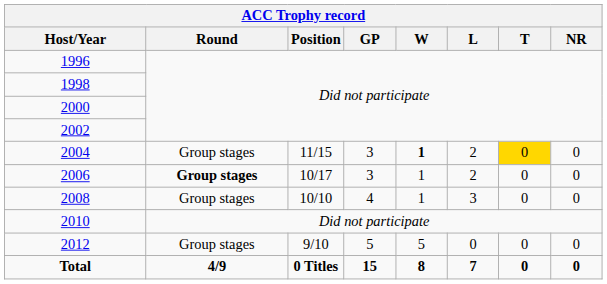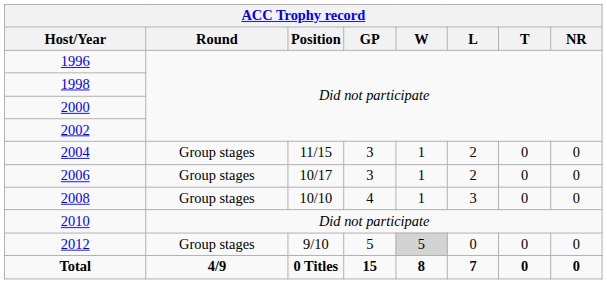 <table class="wikitable" style="text-align: center;">
 <tr>
 <th colspan=8><a href='#'>ACC Trophy record</a></th>
 </tr>
 <tr>
 <th width=150>Host/Year</th>
 <th width=150>Round</th>
 <th width=50>Position</th>
 <th width=50>GP</th>
 <th width=50>W</th>
 <th width=50>L</th>
 <th width=50>T</th>
 <th width=50>NR</th>
 </tr>
 <tr>
 <td> <a href='#'>1996</a></td>
 <td colspan="7" rowspan="4"><em>Did not participate</em></td>
 </tr>
 <tr>
 <td> <a href='#'>1998</a></td>
 </tr>
 <tr>
 <td> <a href='#'>2000</a></td>
 </tr>
 <tr>
 <td> <a href='#'>2002</a></td>
 </tr>
 <tr>
 <td> <a href='#'>2004</a></td>
 <td>Group stages</td>
 <td>11/15</td>
 <td>3</td>
-<td><strong>1</strong></td>
+<td>1</td>
 <td>2</td>
-<td style="background: gold;">0</td>
+<td>0</td>
 <td>0</td>
 </tr>
 <tr>
 <td> <a href='#'>2006</a></td>
-<td><strong>Group stages</strong></td>
+<td>Group stages</td>
 <td>10/17</td>
 <td>3</td>
 <td>1</td>
 <td>2</td>
 <td>0</td>
 <td>0</td>
 </tr>
 <tr>
 <td> <a href='#'>2008</a></td>
 <td>Group stages</td>
 <td>10/10</td>
 <td>4</td>
 <td>1</td>
 <td>3</td>
 <td>0</td>
 <td>0</td>
 </tr>
 <tr>
 <td> <a href='#'>2010</a></td>
 <td colspan="7" rowspan="1"><em>Did not participate</em></td>
 </tr>
 <tr>
 <td> <a href='#'>2012</a></td>
 <td>Group stages</td>
 <td>9/10</td>
 <td>5</td>
-<td>5</td>
+<td style="background: lightgrey;">5</td>
 <td>0</td>
 <td>0</td>
 <td>0</td>
 </tr>
 <tr>
 <td><strong>Total</strong></td>
 <td><strong>4/9</strong></td>
 <td><strong>0 Titles</strong></td>
 <td><strong>15</strong></td>
 <td><strong>8</strong></td>
 <td><strong>7</strong></td>
 <td><strong>0</strong></td>
 <td><strong>0</strong></td>
 </tr>
 </table>
